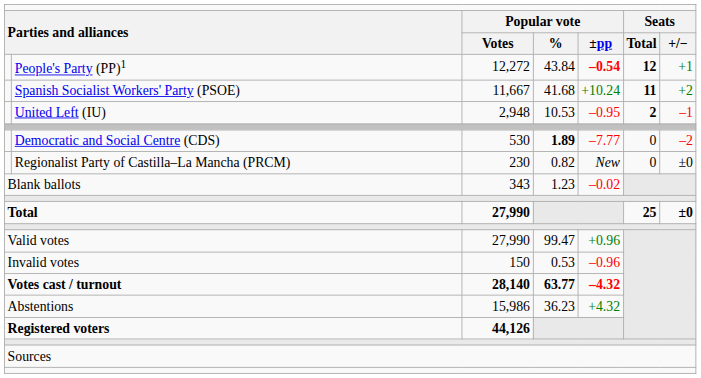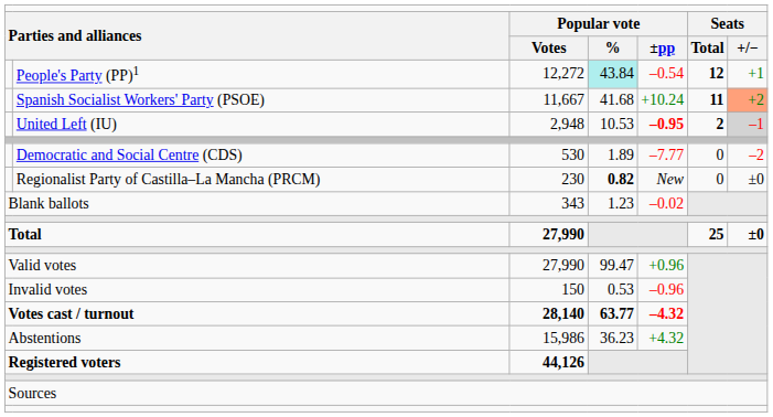 <table class="wikitable" style="text-align:right;">
 <tr>
 <td colspan="7"></td>
 </tr>
 <tr>
 <th style="text-align:left;" rowspan="2" colspan="2" width="525">Parties and alliances</th>
 <th colspan="3">Popular vote</th>
 <th colspan="2">Seats</th>
 </tr>
 <tr>
 <th width="75">Votes</th>
 <th width="45">%</th>
 <th width="45">±<a href='#'>pp</a></th>
 <th width="35">Total</th>
 <th width="35">+/−</th>
 </tr>
 <tr>
 <td width="1" style="color:inherit;background:"></td>
 <td align="left"><a href='#'>People's Party</a> (PP)<sup>1</sup></td>
 <td>12,272</td>
-<td>43.84</td>
-<td style="color:red;"><strong>–0.54</strong></td>
+<td style="background: paleturquoise;">43.84</td>
+<td style="color:red;">–0.54</td>
 <td><strong>12</strong></td>
 <td style="color:green;">+1</td>
 </tr>
 <tr>
 <td style="color:inherit;background:"></td>
 <td align="left"><a href='#'>Spanish Socialist Workers' Party</a> (PSOE)</td>
 <td>11,667</td>
 <td>41.68</td>
 <td style="color:green;">+10.24</td>
 <td><strong>11</strong></td>
-<td style="color:green;">+2</td>
+<td style="background: lightsalmon; color:green;">+2</td>
 </tr>
 <tr>
 <td style="color:inherit;background:"></td>
 <td align="left"><a href='#'>United Left</a> (IU)</td>
 <td>2,948</td>
 <td>10.53</td>
-<td style="color:red;">–0.95</td>
+<td style="color:red;"><strong>–0.95</strong></td>
 <td><strong>2</strong></td>
-<td style="color:red;">–1</td>
+<td style="background: lightgrey; color:red;">–1</td>
 </tr>
 <tr>
 <td colspan="7" bgcolor="#C0C0C0"></td>
 </tr>
 <tr>
 <td style="color:inherit;background:"></td>
 <td align="left"><a href='#'>Democratic and Social Centre</a> (CDS)</td>
 <td>530</td>
-<td><strong>1.89</strong></td>
+<td>1.89</td>
 <td style="color:red;">–7.77</td>
 <td>0</td>
 <td style="color:red;">–2</td>
 </tr>
 <tr>
 <td style="color:inherit;background:"></td>
 <td align="left">Regionalist Party of Castilla–La Mancha (PRCM)</td>
 <td>230</td>
-<td>0.82</td>
+<td><strong>0.82</strong></td>
 <td><em>New</em></td>
 <td>0</td>
 <td>±0</td>
 </tr>
 <tr>
 <td align="left" colspan="2">Blank ballots</td>
 <td>343</td>
 <td>1.23</td>
 <td style="color:red;">–0.02</td>
 <td bgcolor="#E9E9E9" colspan="2"></td>
 </tr>
 <tr>
 <td colspan="7" bgcolor="#E9E9E9"></td>
 </tr>
 <tr style="font-weight:bold;">
 <td align="left" colspan="2">Total</td>
 <td>27,990</td>
 <td bgcolor="#E9E9E9" colspan="2"></td>
 <td>25</td>
 <td>±0</td>
 </tr>
 <tr>
 <td colspan="7" bgcolor="#E9E9E9"></td>
 </tr>
 <tr>
 <td align="left" colspan="2">Valid votes</td>
 <td>27,990</td>
 <td>99.47</td>
 <td style="color:green;">+0.96</td>
 <td bgcolor="#E9E9E9" colspan="2" rowspan="5"></td>
 </tr>
 <tr>
 <td align="left" colspan="2">Invalid votes</td>
 <td>150</td>
 <td>0.53</td>
 <td style="color:red;">–0.96</td>
 </tr>
 <tr style="font-weight:bold;">
 <td align="left" colspan="2">Votes cast / turnout</td>
 <td>28,140</td>
 <td>63.77</td>
 <td style="color:red;">–4.32</td>
 </tr>
 <tr>
 <td align="left" colspan="2">Abstentions</td>
 <td>15,986</td>
 <td>36.23</td>
 <td style="color:green;">+4.32</td>
 </tr>
 <tr style="font-weight:bold;">
 <td align="left" colspan="2">Registered voters</td>
 <td>44,126</td>
 <td bgcolor="#E9E9E9" colspan="2"></td>
 </tr>
 <tr>
 <td colspan="7" bgcolor="#E9E9E9"></td>
 </tr>
 <tr>
 <td align="left" colspan="7">Sources</td>
 </tr>
 <tr>
 <td colspan="7" style="text-align:left; max-width:790px;"></td>
 </tr>
 </table>
